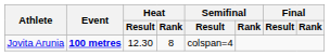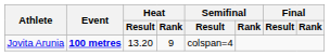 <table class="wikitable" style="font-size:90%">
 <tr>
 <th rowspan="2">Athlete</th>
 <th rowspan="2">Event</th>
 <th colspan="2">Heat</th>
 <th colspan="2">Semifinal</th>
 <th colspan="2">Final</th>
 </tr>
 <tr style="font-size:95%">
 <th>Result</th>
 <th>Rank</th>
 <th>Result</th>
 <th>Rank</th>
 <th>Result</th>
 <th>Rank</th>
 </tr>
 <tr align=center>
 <td align=left><a href='#'>Jovita Arunia</a></td>
 <td align=left><strong><a href='#'>100 metres</a></strong></td>
-<td>12.30 </td>
-<td>8</td>
+<td>13.20 </td>
+<td>9</td>
 <td>colspan=4 </td>
 </tr>
 </table>
